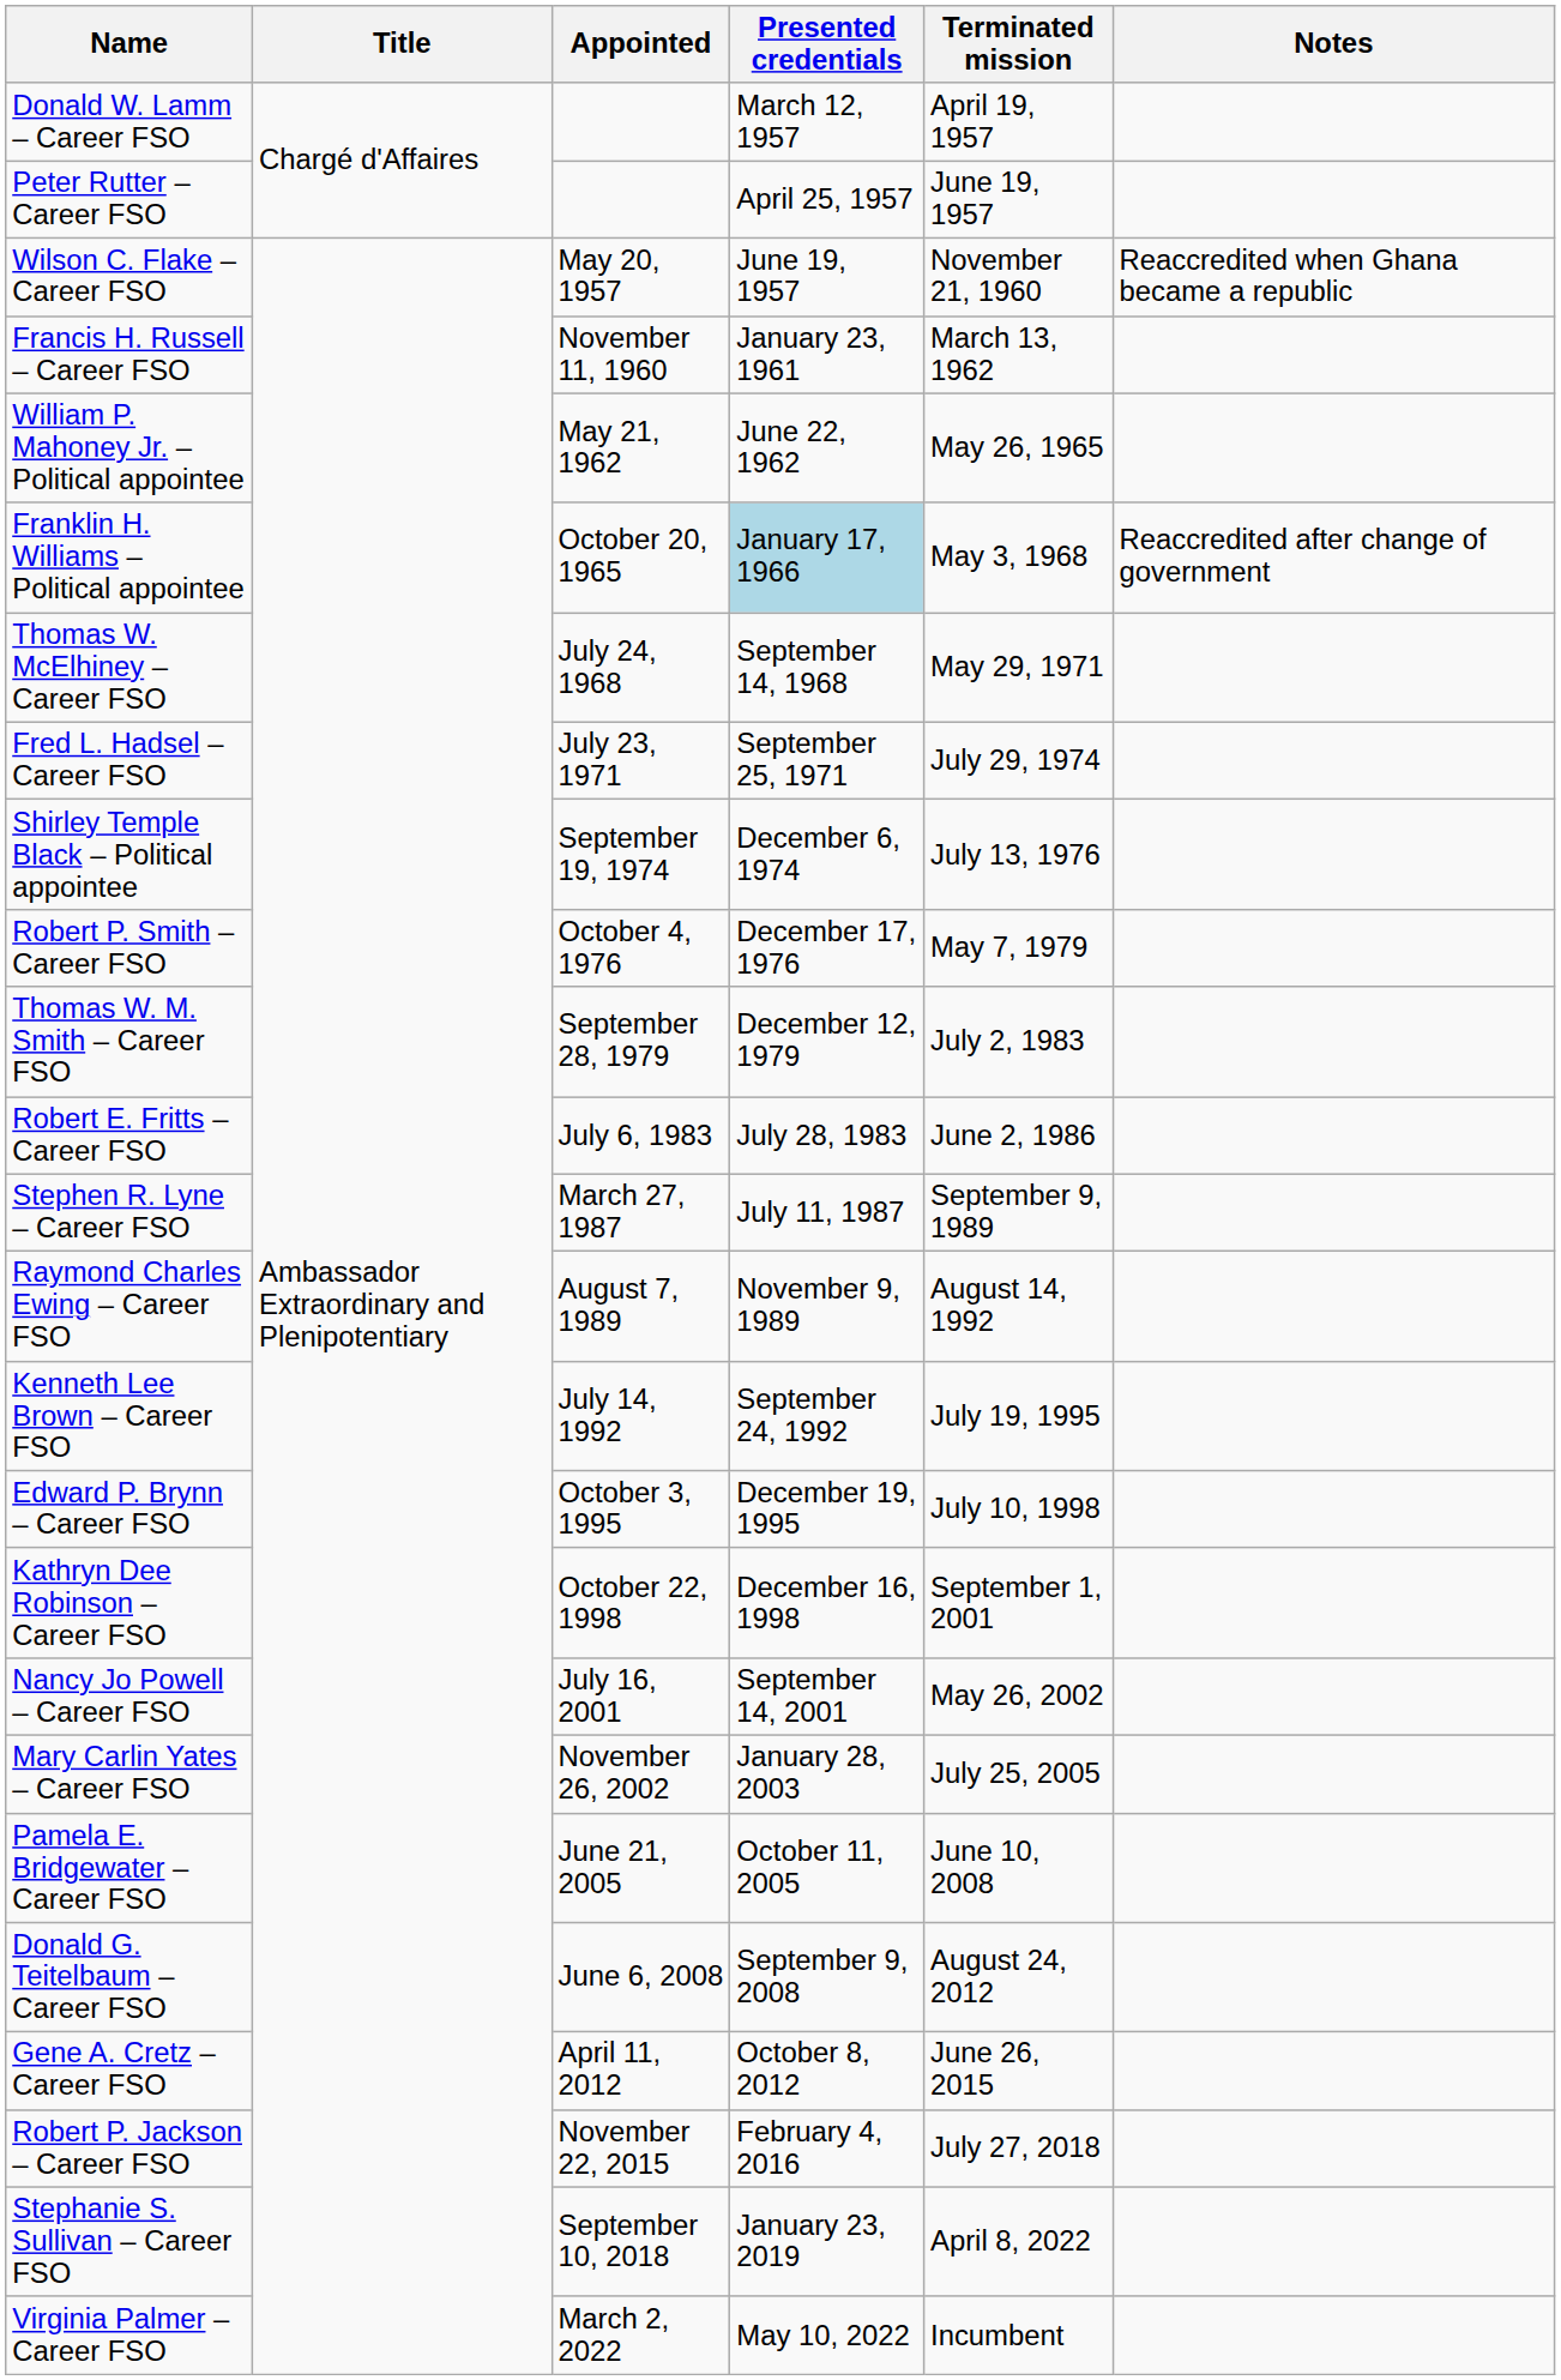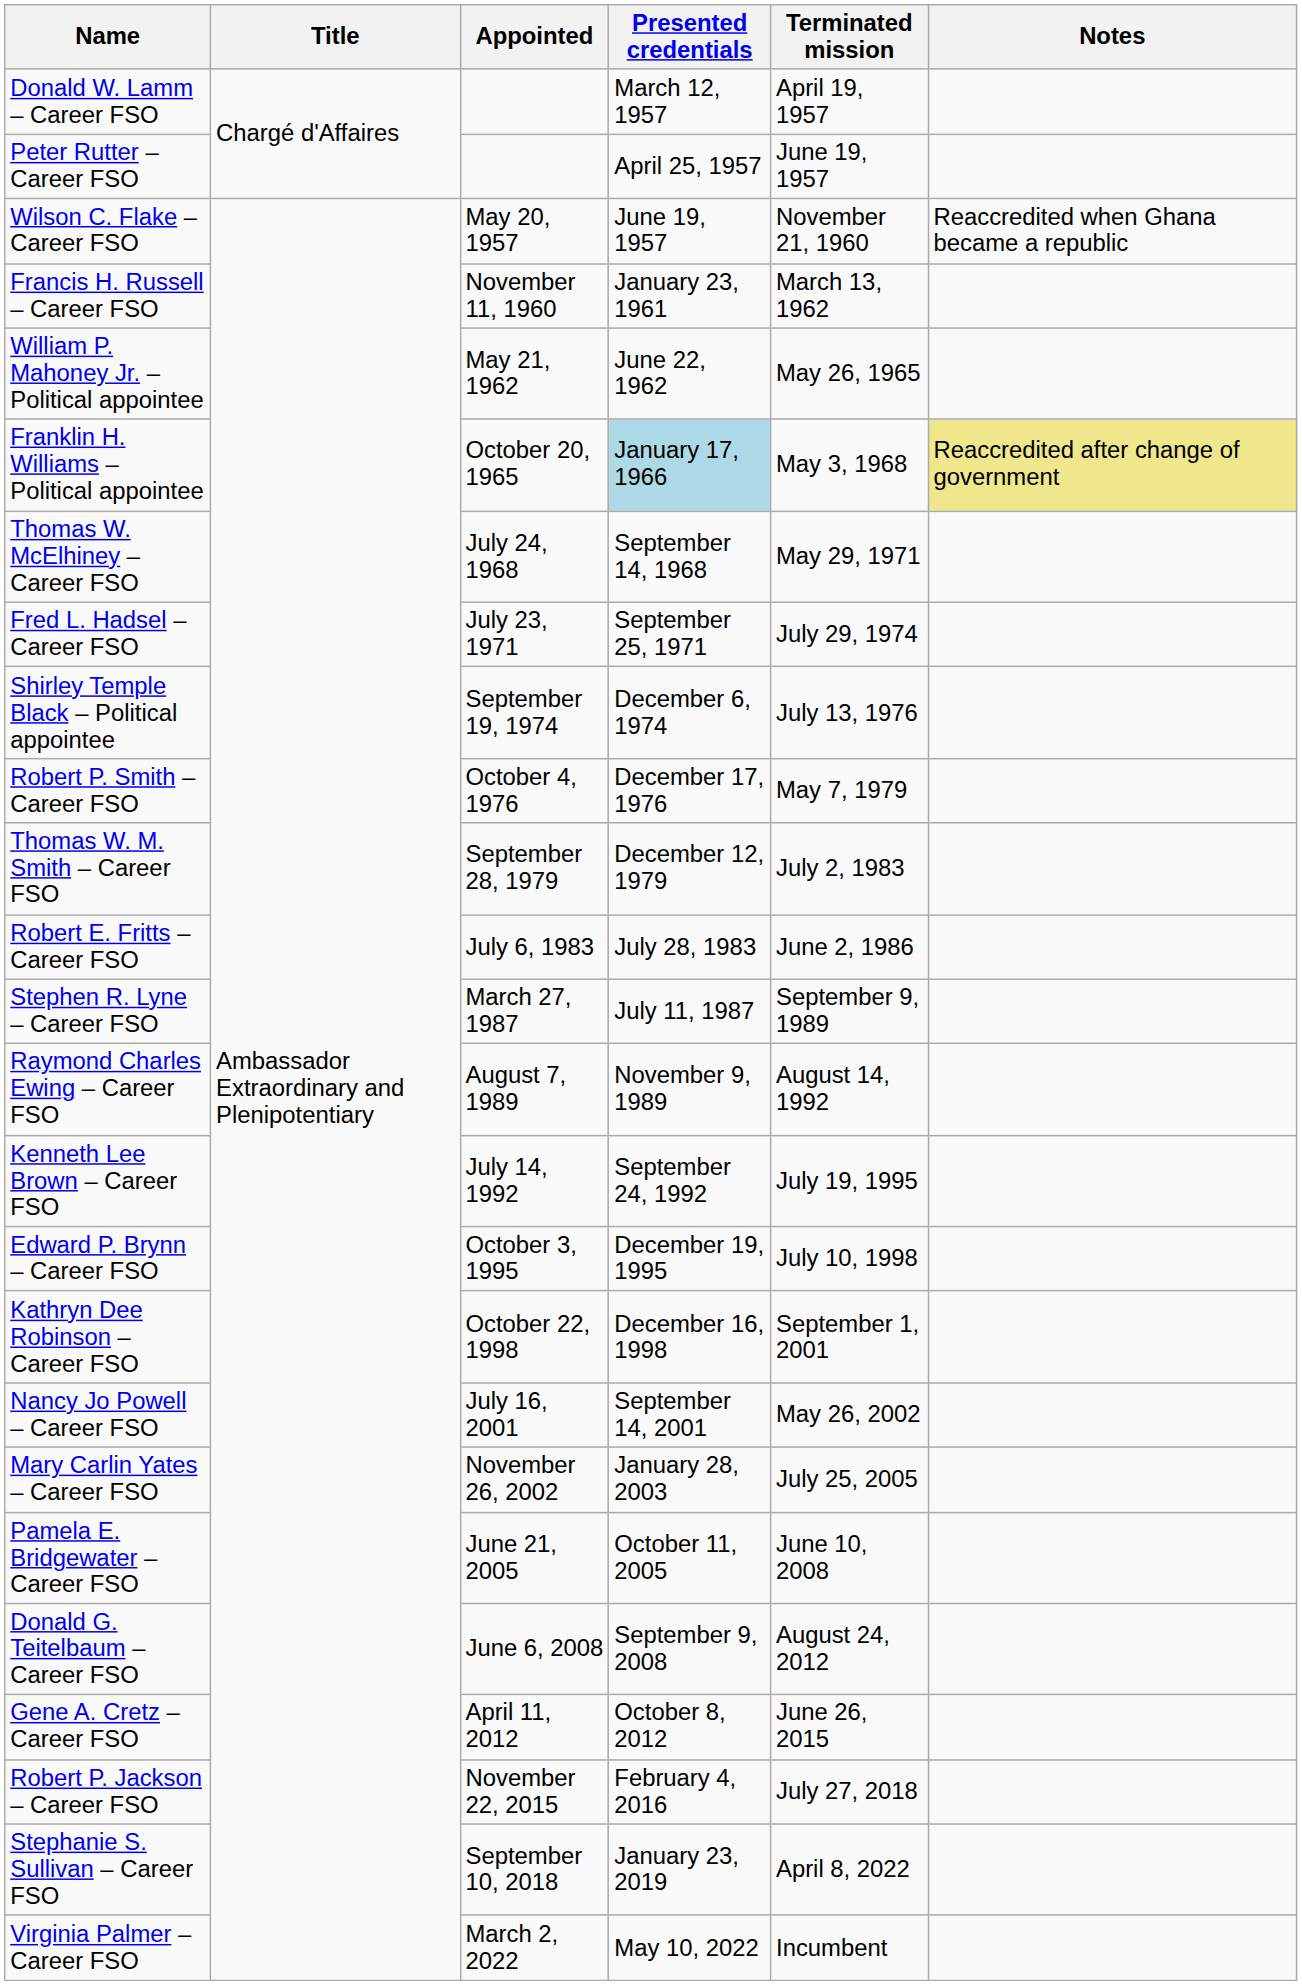 <table class="wikitable">
 <tr>
 <th>Name</th>
 <th style="width: 160px;">Title</th>
 <th>Appointed</th>
 <th><a href='#'>Presented credentials</a></th>
 <th>Terminated mission</th>
 <th style="width: 240px;">Notes</th>
 </tr>
 <tr>
 <td><a href='#'>Donald W. Lamm</a> – Career FSO</td>
 <td rowspan="2">Chargé d'Affaires</td>
 <td></td>
 <td>March 12, 1957</td>
 <td>April 19, 1957</td>
 <td></td>
 </tr>
 <tr>
 <td><a href='#'>Peter Rutter</a> – Career FSO</td>
 <td></td>
 <td>April 25, 1957</td>
 <td>June 19, 1957</td>
 <td></td>
 </tr>
 <tr>
 <td><a href='#'>Wilson C. Flake</a> – Career FSO</td>
 <td rowspan="23">Ambassador Extraordinary and Plenipotentiary</td>
 <td>May 20, 1957</td>
 <td>June 19, 1957</td>
 <td>November 21, 1960</td>
 <td>Reaccredited when Ghana became a republic</td>
 </tr>
 <tr>
 <td><a href='#'>Francis H. Russell</a> – Career FSO</td>
 <td>November 11, 1960</td>
 <td>January 23, 1961</td>
 <td>March 13, 1962</td>
 <td></td>
 </tr>
 <tr>
 <td><a href='#'>William P. Mahoney Jr.</a> – Political appointee</td>
 <td>May 21, 1962</td>
 <td>June 22, 1962</td>
 <td>May 26, 1965</td>
 <td></td>
 </tr>
 <tr>
 <td><a href='#'>Franklin H. Williams</a> – Political appointee</td>
 <td>October 20, 1965</td>
 <td style="background: lightblue;">January 17, 1966</td>
 <td>May 3, 1968</td>
-<td>Reaccredited after change of government</td>
+<td style="background: khaki;">Reaccredited after change of government</td>
 </tr>
 <tr>
 <td><a href='#'>Thomas W. McElhiney</a> – Career FSO</td>
 <td>July 24, 1968</td>
 <td>September 14, 1968</td>
 <td>May 29, 1971</td>
 <td></td>
 </tr>
 <tr>
 <td><a href='#'>Fred L. Hadsel</a> – Career FSO</td>
 <td>July 23, 1971</td>
 <td>September 25, 1971</td>
 <td>July 29, 1974</td>
 <td></td>
 </tr>
 <tr>
 <td><a href='#'>Shirley Temple Black</a> – Political appointee</td>
 <td>September 19, 1974</td>
 <td>December 6, 1974</td>
 <td>July 13, 1976</td>
 <td></td>
 </tr>
 <tr>
 <td><a href='#'>Robert P. Smith</a> – Career FSO</td>
 <td>October 4, 1976</td>
 <td>December 17, 1976</td>
 <td>May 7, 1979</td>
 <td></td>
 </tr>
 <tr>
 <td><a href='#'>Thomas W. M. Smith</a> – Career FSO</td>
 <td>September 28, 1979</td>
 <td>December 12, 1979</td>
 <td>July 2, 1983</td>
 <td></td>
 </tr>
 <tr>
 <td><a href='#'>Robert E. Fritts</a> – Career FSO</td>
 <td>July 6, 1983</td>
 <td>July 28, 1983</td>
 <td>June 2, 1986</td>
 <td></td>
 </tr>
 <tr>
 <td><a href='#'>Stephen R. Lyne</a> – Career FSO</td>
 <td>March 27, 1987</td>
 <td>July 11, 1987</td>
 <td>September 9, 1989</td>
 <td></td>
 </tr>
 <tr>
 <td><a href='#'>Raymond Charles Ewing</a> – Career FSO</td>
 <td>August 7, 1989</td>
 <td>November 9, 1989</td>
 <td>August 14, 1992</td>
 <td></td>
 </tr>
 <tr>
 <td><a href='#'>Kenneth Lee Brown</a> – Career FSO</td>
 <td>July 14, 1992</td>
 <td>September 24, 1992</td>
 <td>July 19, 1995</td>
 <td></td>
 </tr>
 <tr>
 <td><a href='#'>Edward P. Brynn</a> – Career FSO</td>
 <td>October 3, 1995</td>
 <td>December 19, 1995</td>
 <td>July 10, 1998</td>
 <td></td>
 </tr>
 <tr>
 <td><a href='#'>Kathryn Dee Robinson</a> – Career FSO</td>
 <td>October 22, 1998</td>
 <td>December 16, 1998</td>
 <td>September 1, 2001</td>
 <td></td>
 </tr>
 <tr>
 <td><a href='#'>Nancy Jo Powell</a> – Career FSO</td>
 <td>July 16, 2001</td>
 <td>September 14, 2001</td>
 <td>May 26, 2002</td>
 <td></td>
 </tr>
 <tr>
 <td><a href='#'>Mary Carlin Yates</a> – Career FSO</td>
 <td>November 26, 2002</td>
 <td>January 28, 2003</td>
 <td>July 25, 2005</td>
 <td></td>
 </tr>
 <tr>
 <td><a href='#'>Pamela E. Bridgewater</a> – Career FSO</td>
 <td>June 21, 2005</td>
 <td>October 11, 2005</td>
 <td>June 10, 2008</td>
 <td></td>
 </tr>
 <tr>
 <td><a href='#'>Donald G. Teitelbaum</a> – Career FSO</td>
 <td>June 6, 2008</td>
 <td>September 9, 2008</td>
 <td>August 24, 2012</td>
 <td></td>
 </tr>
 <tr>
 <td><a href='#'>Gene A. Cretz</a> – Career FSO</td>
 <td>April 11, 2012</td>
 <td>October 8, 2012</td>
 <td>June 26, 2015</td>
 <td></td>
 </tr>
 <tr>
 <td><a href='#'>Robert P. Jackson</a> – Career FSO</td>
 <td>November 22, 2015</td>
 <td>February 4, 2016</td>
 <td>July 27, 2018</td>
 <td></td>
 </tr>
 <tr>
 <td><a href='#'>Stephanie S. Sullivan</a> – Career FSO</td>
 <td>September 10, 2018</td>
 <td>January 23, 2019</td>
 <td>April 8, 2022</td>
 <td></td>
 </tr>
 <tr>
 <td><a href='#'>Virginia Palmer</a> – Career FSO</td>
 <td>March 2, 2022</td>
 <td>May 10, 2022</td>
 <td>Incumbent</td>
 <td></td>
 </tr>
 </table>
